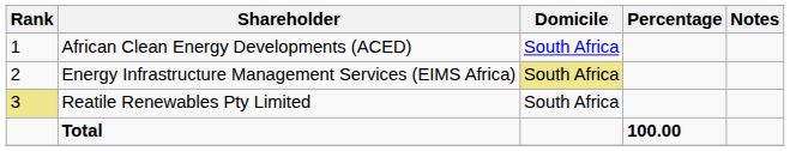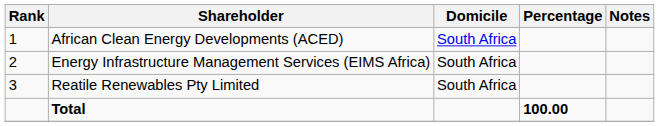 <table class="wikitable sortable" style="margin: 0.5em auto">
 <tr>
 <th>Rank</th>
 <th>Shareholder</th>
 <th>Domicile</th>
 <th>Percentage</th>
 <th>Notes</th>
 </tr>
 <tr>
 <td>1</td>
 <td>African Clean Energy Developments (ACED)</td>
 <td><a href='#'>South Africa</a></td>
 <td></td>
 <td></td>
 </tr>
 <tr>
 <td>2</td>
 <td>Energy Infrastructure Management Services (EIMS Africa)</td>
-<td style="background: khaki;">South Africa</td>
+<td>South Africa</td>
 <td></td>
 <td></td>
 </tr>
 <tr>
-<td style="background: khaki;">3</td>
+<td>3</td>
 <td>Reatile Renewables Pty Limited</td>
 <td>South Africa</td>
 <td></td>
 <td></td>
 </tr>
 <tr>
 <td></td>
 <td><strong>Total</strong></td>
 <td><strong> </strong></td>
 <td><strong>100.00</strong></td>
 <td></td>
 </tr>
 <tr>
 </tr>
 </table>
